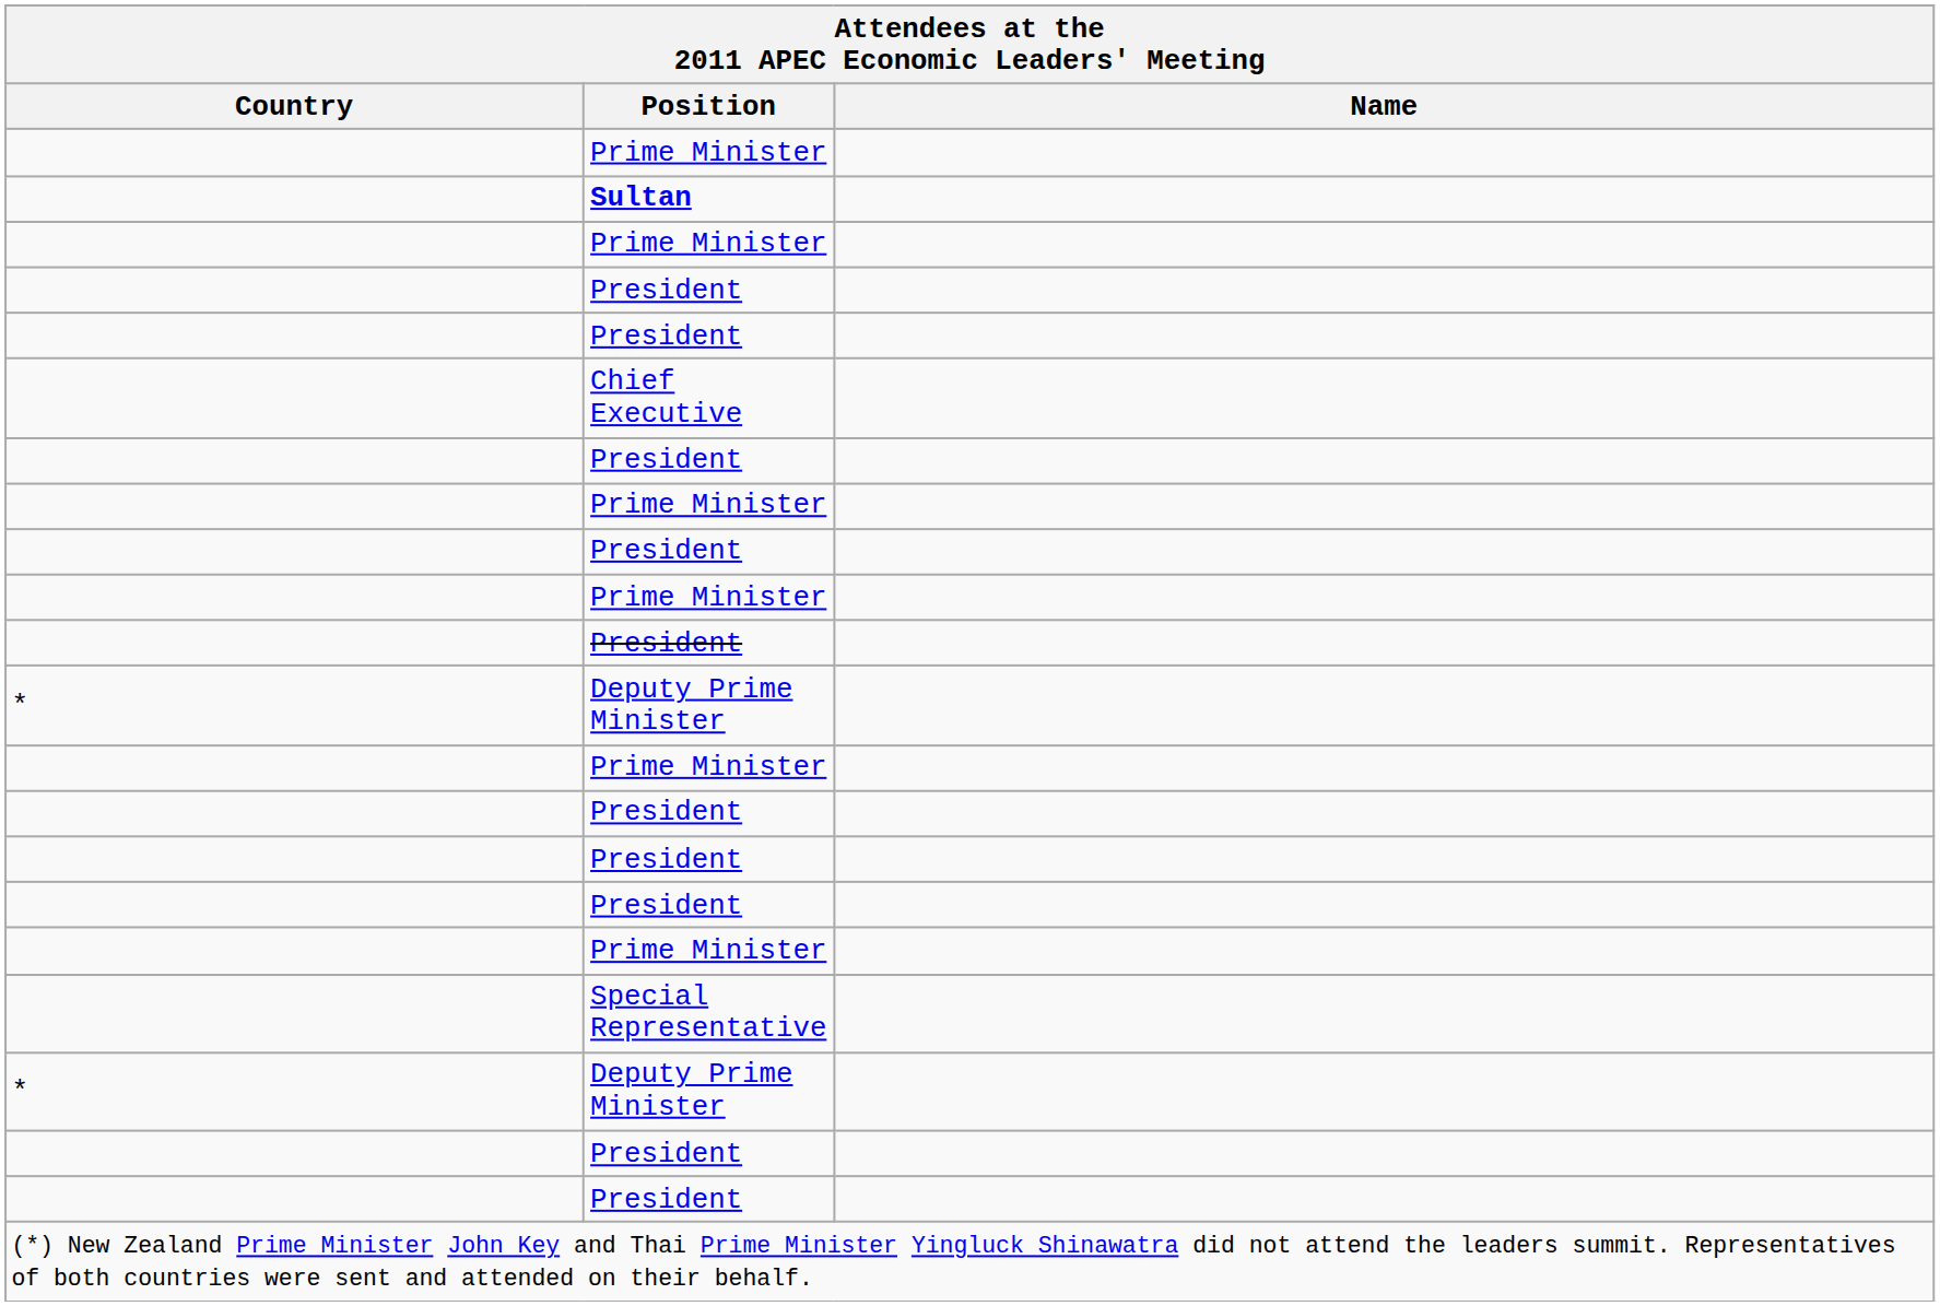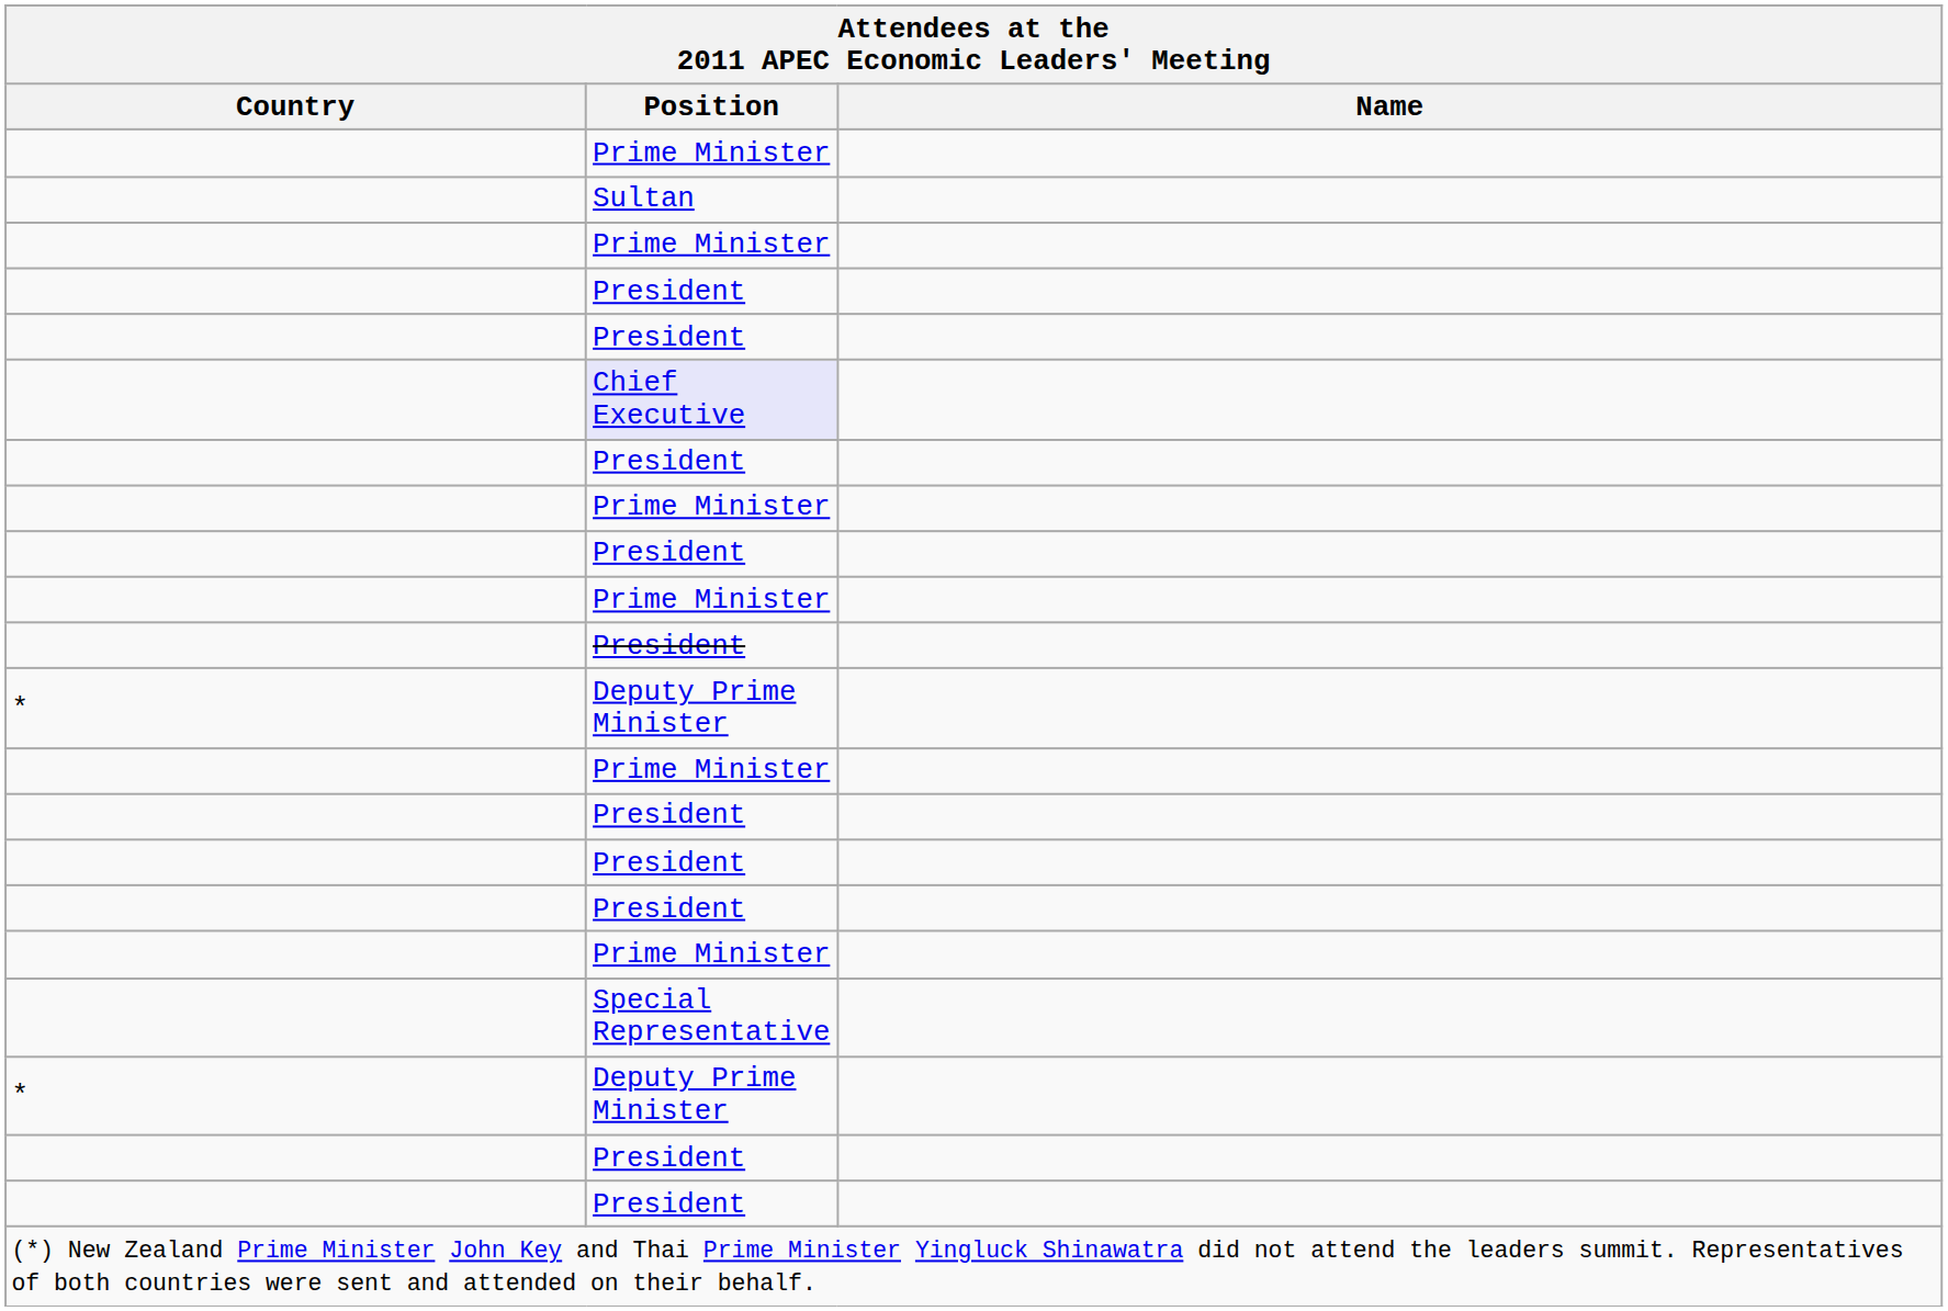 <table class="wikitable collapsible sortable collapsed" style="margin:1em auto; width:45%;">
 <tr>
 <th colspan=4>Attendees at the<br> 2011 APEC Economic Leaders' Meeting</th>
 </tr>
 <tr>
 <th width=30%>Country</th>
 <th width=10%>Position</th>
 <th>Name</th>
 </tr>
 <tr>
 <td></td>
 <td><a href='#'>Prime Minister</a></td>
 <td></td>
 </tr>
 <tr>
 <td></td>
-<td><strong><a href='#'>Sultan</a></strong></td>
+<td><a href='#'>Sultan</a></td>
 <td></td>
 </tr>
 <tr>
 <td></td>
 <td><a href='#'>Prime Minister</a></td>
 <td></td>
 </tr>
 <tr>
 <td></td>
 <td><a href='#'>President</a></td>
 <td></td>
 </tr>
 <tr>
 <td></td>
 <td><a href='#'>President</a></td>
 <td></td>
 </tr>
 <tr>
 <td></td>
-<td><a href='#'>Chief Executive</a></td>
+<td style="background: lavender;"><a href='#'>Chief Executive</a></td>
 <td></td>
 </tr>
 <tr>
 <td></td>
 <td><a href='#'>President</a></td>
 <td></td>
 </tr>
 <tr>
 <td></td>
 <td><a href='#'>Prime Minister</a></td>
 <td></td>
 </tr>
 <tr>
 <td></td>
 <td><a href='#'>President</a></td>
 <td></td>
 </tr>
 <tr>
 <td></td>
 <td><a href='#'>Prime Minister</a></td>
 <td></td>
 </tr>
 <tr>
 <td></td>
 <td><s><a href='#'>President</a></s></td>
 <td><s></s></td>
 </tr>
 <tr>
 <td>*</td>
 <td><a href='#'>Deputy Prime Minister</a></td>
 <td></td>
 </tr>
 <tr>
 <td></td>
 <td><a href='#'>Prime Minister</a></td>
 <td></td>
 </tr>
 <tr>
 <td></td>
 <td><a href='#'>President</a></td>
 <td></td>
 </tr>
 <tr>
 <td></td>
 <td><a href='#'>President</a></td>
 <td></td>
 </tr>
 <tr>
 <td></td>
 <td><a href='#'>President</a></td>
 <td></td>
 </tr>
 <tr>
 <td></td>
 <td><a href='#'>Prime Minister</a></td>
 <td></td>
 </tr>
 <tr>
 <td></td>
 <td><a href='#'>Special Representative</a></td>
 <td></td>
 </tr>
 <tr>
 <td>*</td>
 <td><a href='#'>Deputy Prime Minister</a></td>
 <td></td>
 </tr>
 <tr>
 <td></td>
 <td><a href='#'>President</a></td>
 <td></td>
 </tr>
 <tr>
 <td></td>
 <td><a href='#'>President</a></td>
 <td></td>
 </tr>
 <tr>
 <td colspan=3><small>(*) New Zealand <a href='#'>Prime Minister</a> <a href='#'>John Key</a> and Thai <a href='#'>Prime Minister</a> <a href='#'>Yingluck Shinawatra</a> did not attend the leaders summit. Representatives of both countries were sent and attended on their behalf.</small></td>
 </tr>
 </table>
